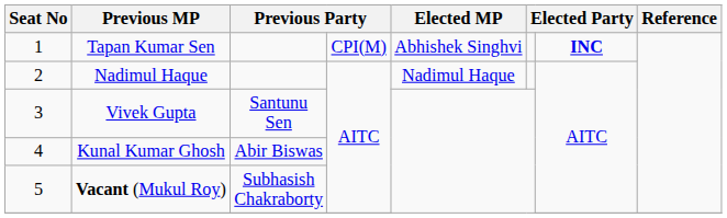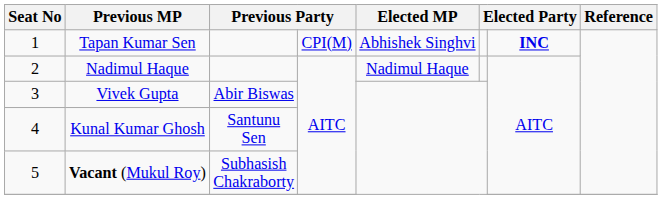 <table class="wikitable">
 <tr>
 <th>Seat No</th>
 <th>Previous MP</th>
 <th colspan=2>Previous Party</th>
 <th>Elected MP</th>
 <th colspan=2>Elected Party</th>
 <th>Reference</th>
 </tr>
 <tr style="text-align:center;">
 <td>1</td>
 <td><a href='#'>Tapan Kumar Sen</a></td>
 <td width="1px"></td>
 <td><a href='#'>CPI(M)</a></td>
 <td><a href='#'>Abhishek Singhvi</a></td>
 <td width="1px"></td>
 <td rowspan=1><strong><a href='#'>INC</a></strong></td>
 <td rowspan=5></td>
 </tr>
 <tr style="text-align:center;">
 <td>2</td>
 <td><a href='#'>Nadimul Haque</a></td>
 <td width="1px"></td>
 <td rowspan=4><a href='#'>AITC</a></td>
 <td><a href='#'>Nadimul Haque</a></td>
 <td width="1px"></td>
 <td rowspan=4><a href='#'>AITC</a></td>
 </tr>
 <tr style="text-align:center;">
 <td>3</td>
 <td><a href='#'>Vivek Gupta</a></td>
-<td><a href='#'>Santunu Sen</a></td>
+<td><a href='#'>Abir Biswas</a></td>
 </tr>
 <tr style="text-align:center;">
 <td>4</td>
 <td><a href='#'>Kunal Kumar Ghosh</a></td>
-<td><a href='#'>Abir Biswas</a></td>
+<td><a href='#'>Santunu Sen</a></td>
 </tr>
 <tr style="text-align:center;">
 <td>5</td>
 <td><strong>Vacant</strong> (<a href='#'>Mukul Roy</a>)</td>
 <td><a href='#'>Subhasish Chakraborty</a></td>
 </tr>
 <tr>
 </tr>
 </table>
